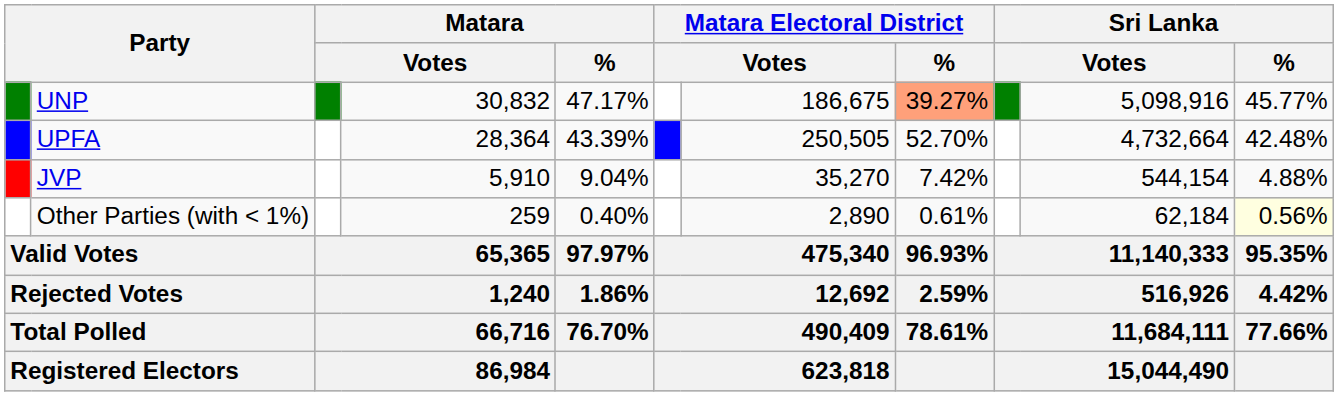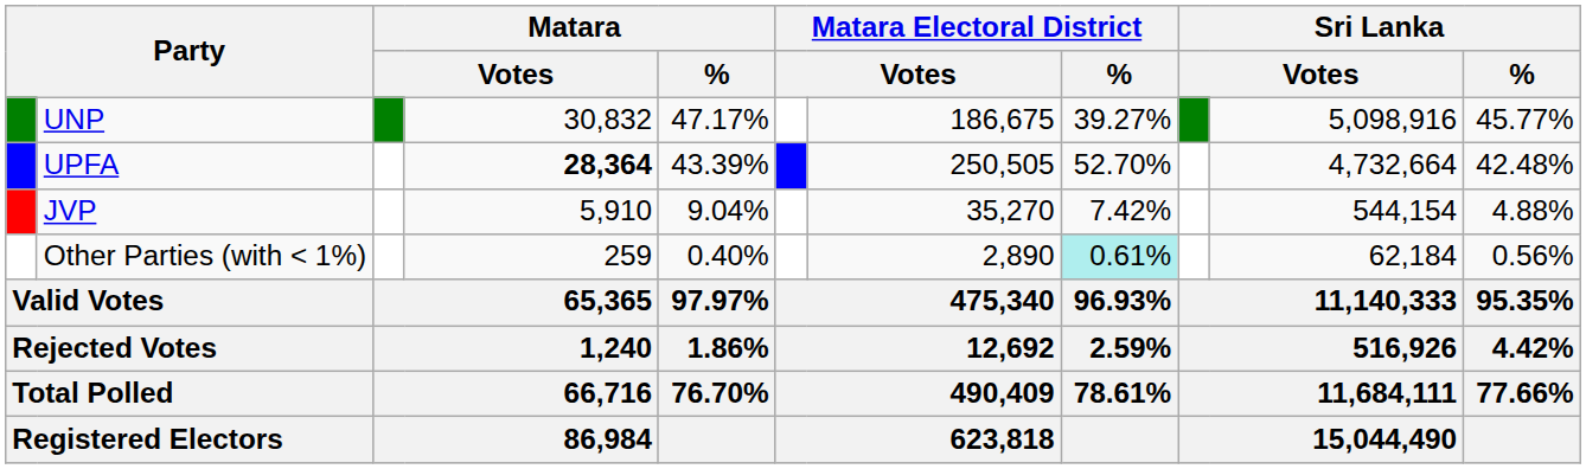 <table class="wikitable">
 <tr>
 <th colspan="2" width="144px"rowspan="2">Party</th>
 <th colspan="3" width="216px">Matara</th>
 <th colspan="3" width="216px"><a href='#'>Matara Electoral District</a></th>
 <th colspan="3" width="216px">Sri Lanka</th>
 </tr>
 <tr>
 <th colspan="2" width="144px">Votes</th>
 <th>%</th>
 <th colspan="2" width="144px">Votes</th>
 <th>%</th>
 <th colspan="2" width="144px">Votes</th>
 <th>%</th>
 </tr>
 <tr>
 <td style="background-color:green;" width="10px"></td>
 <td style="text-align:left;"><a href='#'>UNP</a></td>
 <td style="background-color:green;" width="10px"></td>
 <td style="text-align:right;">30,832</td>
 <td style="text-align:right;">47.17%</td>
 <td style="background-color:white;" width="10px"></td>
 <td style="text-align:right;">186,675</td>
-<td style="background: lightsalmon; text-align:right;">39.27%</td>
+<td style="text-align:right;">39.27%</td>
 <td style="background-color:green;" width="10px"></td>
 <td style="text-align:right;">5,098,916</td>
 <td style="text-align:right;">45.77%</td>
 </tr>
 <tr>
 <td style="background-color:blue;" width="10px"></td>
 <td style="text-align:left;"><a href='#'>UPFA</a></td>
 <td style="background-color:white;" width="10px"></td>
-<td style="text-align:right;">28,364</td>
+<td style="text-align:right;"><strong>28,364</strong></td>
 <td style="text-align:right;">43.39%</td>
 <td style="background-color:blue;" width="10px"></td>
 <td style="text-align:right;">250,505</td>
 <td style="text-align:right;">52.70%</td>
 <td style="background-color:white;" width="10px"></td>
 <td style="text-align:right;">4,732,664</td>
 <td style="text-align:right;">42.48%</td>
 </tr>
 <tr>
 <td style="background-color:red;" width="10px"></td>
 <td style="text-align:left;"><a href='#'>JVP</a></td>
 <td style="background-color:white;" width="10px"></td>
 <td style="text-align:right;">5,910</td>
 <td style="text-align:right;">9.04%</td>
 <td style="background-color:white;" width="10px"></td>
 <td style="text-align:right;">35,270</td>
 <td style="text-align:right;">7.42%</td>
 <td style="background-color:white;" width="10px"></td>
 <td style="text-align:right;">544,154</td>
 <td style="text-align:right;">4.88%</td>
 </tr>
 <tr>
 <td style="background-color:white;" width="10px"></td>
 <td style="text-align:left;">Other Parties (with < 1%)</td>
 <td style="background-color:white;" width="10px"></td>
 <td style="text-align:right;">259</td>
 <td style="text-align:right;">0.40%</td>
 <td style="background-color:white;" width="10px"></td>
 <td style="text-align:right;">2,890</td>
-<td style="text-align:right;">0.61%</td>
+<td style="background: paleturquoise; text-align:right;">0.61%</td>
 <td style="background-color:white;" width="10px"></td>
 <td style="text-align:right;">62,184</td>
-<td style="background: lightyellow; text-align:right;">0.56%</td>
+<td style="text-align:right;">0.56%</td>
 </tr>
 <tr>
 <th colspan="2" width="144px"style="text-align:left;">Valid Votes</th>
 <th style="text-align:right;"colspan="2" width="144px">65,365</th>
 <th style="text-align:right;">97.97%</th>
 <th style="text-align:right;"colspan="2" width="144px">475,340</th>
 <th style="text-align:right;">96.93%</th>
 <th style="text-align:right;"colspan="2" width="144px">11,140,333</th>
 <th style="text-align:right;">95.35%</th>
 </tr>
 <tr>
 <th colspan="2" width="144px"style="text-align:left;">Rejected Votes</th>
 <th style="text-align:right;"colspan="2" width="144px">1,240</th>
 <th style="text-align:right;">1.86%</th>
 <th style="text-align:right;"colspan="2" width="144px">12,692</th>
 <th style="text-align:right;">2.59%</th>
 <th style="text-align:right;"colspan="2" width="144px">516,926</th>
 <th style="text-align:right;">4.42%</th>
 </tr>
 <tr>
 <th colspan="2" width="144px"style="text-align:left;">Total Polled</th>
 <th style="text-align:right;"colspan="2" width="144px">66,716</th>
 <th style="text-align:right;">76.70%</th>
 <th style="text-align:right;"colspan="2" width="144px">490,409</th>
 <th style="text-align:right;">78.61%</th>
 <th style="text-align:right;"colspan="2" width="144px">11,684,111</th>
 <th style="text-align:right;">77.66%</th>
 </tr>
 <tr>
 <th colspan="2" width="144px"style="text-align:left;">Registered Electors</th>
 <th style="text-align:right;"colspan="2" width="144px">86,984</th>
 <th></th>
 <th style="text-align:right;"colspan="2" width="144px">623,818</th>
 <th></th>
 <th style="text-align:right;"colspan="2" width="144px">15,044,490</th>
 <th></th>
 </tr>
 </table>
